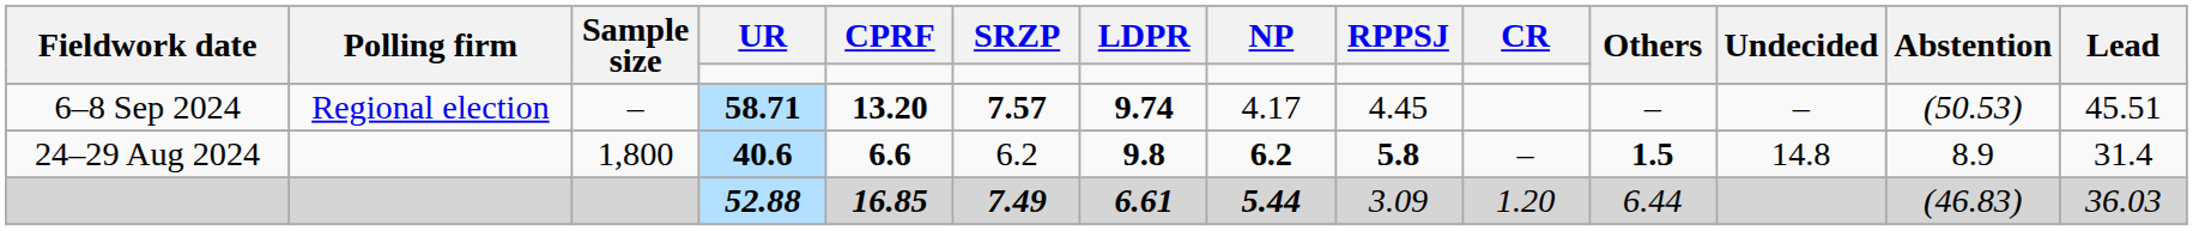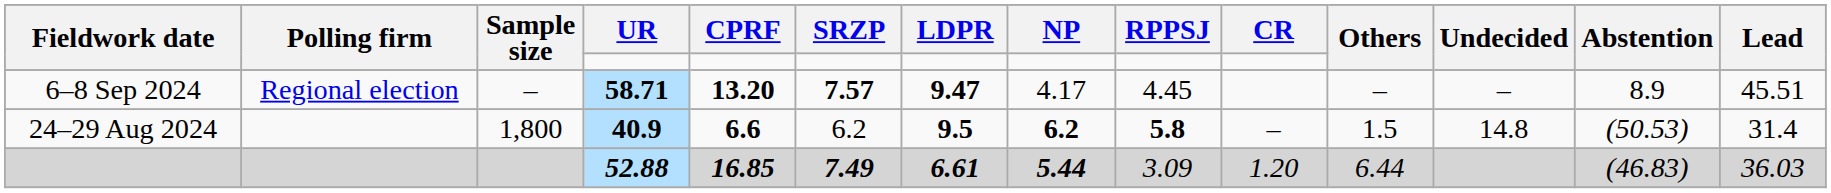 <table class=wikitable style="font-size:95%; line-height:14px; text-align:center">
 <tr>
 <th style=width:120px; rowspan=2>Fieldwork date</th>
 <th style=width:120px; rowspan=2>Polling firm</th>
 <th style=width:50px; rowspan=2>Sample<br>size</th>
 <th style="width:50px;"><a href='#'>UR</a></th>
 <th style="width:50px;"><a href='#'>CPRF</a></th>
 <th style="width:50px;"><a href='#'>SRZP</a></th>
 <th style="width:50px;"><a href='#'>LDPR</a></th>
 <th style="width:50px;"><a href='#'>NP</a></th>
 <th style="width:50px;"><a href='#'>RPPSJ</a></th>
 <th style="width:50px;"><a href='#'>CR</a></th>
 <th style="width:50px;" rowspan=2>Others</th>
 <th style="width:50px;" rowspan=2>Undecided</th>
 <th style="width:50px;" rowspan=2>Abstention</th>
 <th style="width:50px;" rowspan="2">Lead</th>
 </tr>
 <tr>
 <td bgcolor=></td>
 <td bgcolor=></td>
 <td bgcolor=></td>
 <td bgcolor=></td>
 <td bgcolor=></td>
 <td bgcolor=></td>
 <td bgcolor=></td>
 </tr>
 <tr>
 <td>6–8 Sep 2024</td>
 <td><a href='#'>Regional election</a></td>
 <td>–</td>
 <td style="background:#B3E0FF"><strong>58.71</strong></td>
 <td><strong>13.20</strong></td>
 <td><strong>7.57</strong></td>
-<td><strong>9.74</strong></td>
+<td><strong>9.47</strong></td>
 <td>4.17</td>
 <td>4.45</td>
 <td></td>
 <td>–</td>
 <td>–</td>
-<td><em>(50.53)</em></td>
+<td>8.9</td>
 <td style="background:">45.51</td>
 </tr>
 <tr>
 <td>24–29 Aug 2024</td>
 <td></td>
 <td>1,800</td>
-<td style="background:#B3E0FF"><strong>40.6</strong></td>
+<td style="background:#B3E0FF"><strong>40.9</strong></td>
 <td><strong>6.6</strong></td>
 <td>6.2</td>
-<td><strong>9.8</strong></td>
+<td><strong>9.5</strong></td>
 <td><strong>6.2</strong></td>
 <td><strong>5.8</strong></td>
 <td>–</td>
-<td><strong>1.5</strong></td>
+<td>1.5</td>
 <td>14.8</td>
-<td>8.9</td>
+<td><em>(50.53)</em></td>
 <td style="background:">31.4</td>
 </tr>
 <tr style="background:#D5D5D5">
 <td></td>
 <td></td>
 <td></td>
 <td style="background:#B3E0FF"><strong><em>52.88</em></strong></td>
 <td><strong><em>16.85</em></strong></td>
 <td><strong><em>7.49</em></strong></td>
 <td><strong><em>6.61</em></strong></td>
 <td><strong><em>5.44</em></strong></td>
 <td><em>3.09</em></td>
 <td><em>1.20</em></td>
 <td><em>6.44</em></td>
 <td></td>
 <td><em>(46.83)</em></td>
 <td style="background:"><em>36.03</em></td>
 </tr>
 </table>
